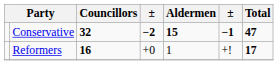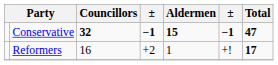 <table class="wikitable">
 <tr>
 <th colspan="2">Party</th>
 <th>Councillors</th>
 <th>  ±  </th>
 <th>Aldermen</th>
 <th>  ±  </th>
 <th>Total</th>
 </tr>
 <tr>
 <td style="background-color: "></td>
 <td><a href='#'>Conservative</a></td>
 <td><strong>32</strong></td>
-<td><strong>−2</strong></td>
+<td><strong>−1</strong></td>
 <td><strong>15</strong></td>
 <td><strong>−1</strong></td>
 <td><strong>47</strong></td>
 </tr>
 <tr>
 <td style="background-color: "></td>
 <td><a href='#'>Reformers</a></td>
-<td><strong>16</strong></td>
-<td>+0</td>
+<td>16</td>
+<td>+2</td>
 <td>1</td>
 <td>+!</td>
 <td><strong>17</strong></td>
 </tr>
 <tr>
 </tr>
 </table>
